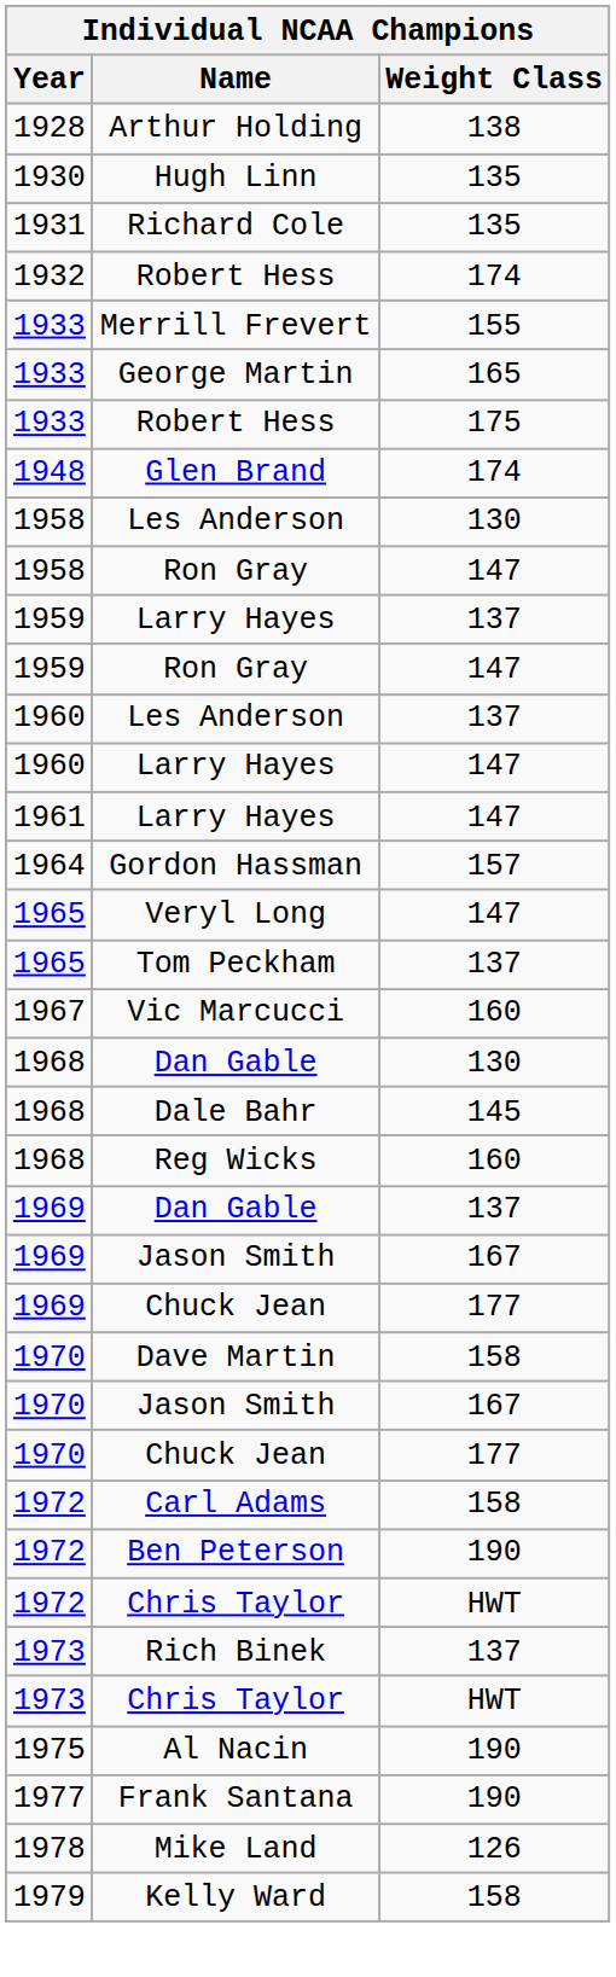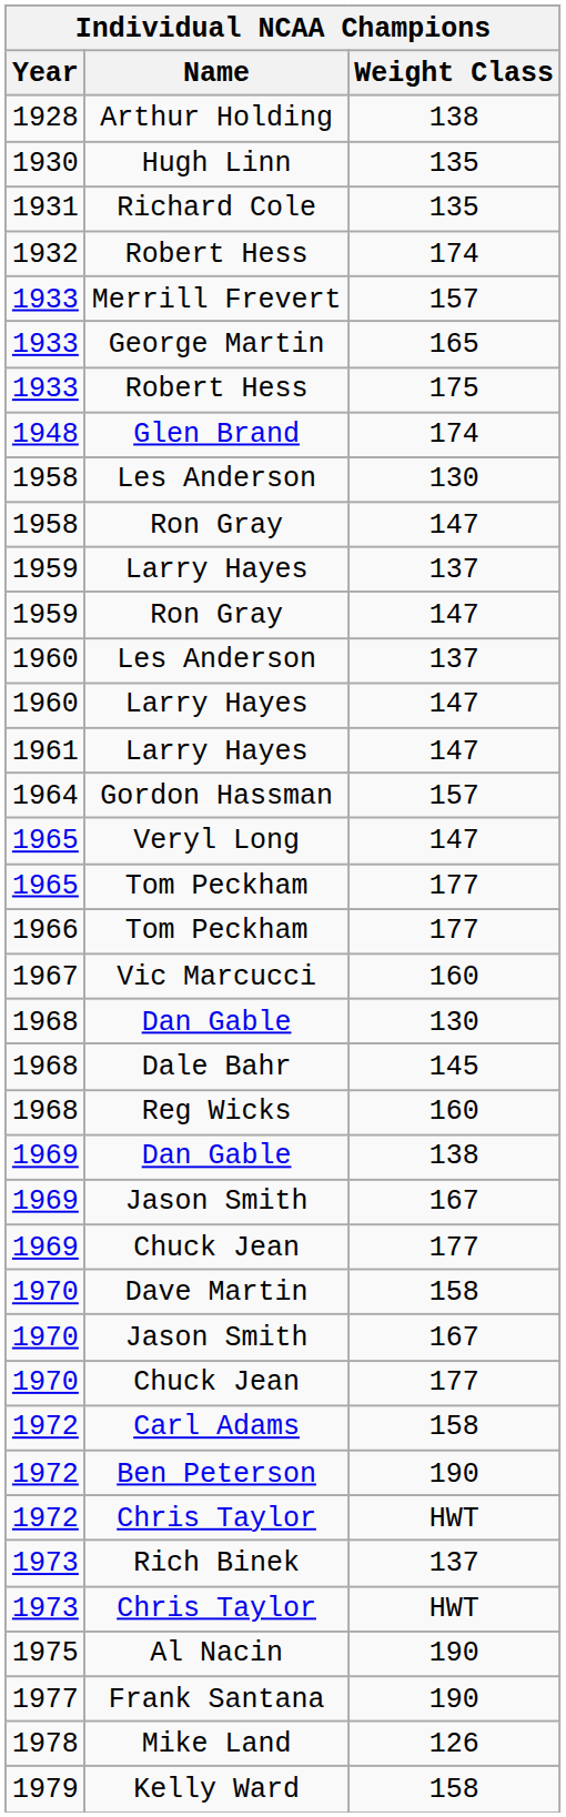 <table class="wikitable">
 <tr>
 <th colspan="3">Individual NCAA Champions</th>
 </tr>
 <tr>
 <th scope="col">Year</th>
 <th scope="col">Name</th>
 <th scope="col">Weight Class</th>
 </tr>
 <tr>
 <td>1928</td>
 <td style="text-align: center;">Arthur Holding</td>
 <td style="text-align: center;">138</td>
 </tr>
 <tr>
 <td>1930</td>
 <td style="text-align: center;">Hugh Linn</td>
 <td style="text-align: center;">135</td>
 </tr>
 <tr>
 <td>1931</td>
 <td style="text-align: center;">Richard Cole</td>
 <td style="text-align: center;">135</td>
 </tr>
 <tr>
 <td>1932</td>
 <td style="text-align: center;">Robert Hess</td>
 <td style="text-align: center;">174</td>
 </tr>
 <tr>
 <td><a href='#'>1933</a></td>
 <td style="text-align: center;">Merrill Frevert</td>
-<td style="text-align: center;">155</td>
+<td style="text-align: center;">157</td>
 </tr>
 <tr>
 <td><a href='#'>1933</a></td>
 <td style="text-align: center;">George Martin</td>
 <td style="text-align: center;">165</td>
 </tr>
 <tr>
 <td><a href='#'>1933</a></td>
 <td style="text-align: center;">Robert Hess</td>
 <td style="text-align: center;">175</td>
 </tr>
 <tr>
 <td><a href='#'>1948</a></td>
 <td style="text-align: center;"><a href='#'>Glen Brand</a></td>
 <td style="text-align: center;">174</td>
 </tr>
 <tr>
 <td>1958</td>
 <td style="text-align: center;">Les Anderson</td>
 <td style="text-align: center;">130</td>
 </tr>
 <tr>
 <td>1958</td>
 <td style="text-align: center;">Ron Gray</td>
 <td style="text-align: center;">147</td>
 </tr>
 <tr>
 <td>1959</td>
 <td style="text-align: center;">Larry Hayes</td>
 <td style="text-align: center;">137</td>
 </tr>
 <tr>
 <td>1959</td>
 <td style="text-align: center;">Ron Gray</td>
 <td style="text-align: center;">147</td>
 </tr>
 <tr>
 <td>1960</td>
 <td style="text-align: center;">Les Anderson</td>
 <td style="text-align: center;">137</td>
 </tr>
 <tr>
 <td>1960</td>
 <td style="text-align: center;">Larry Hayes</td>
 <td style="text-align: center;">147</td>
 </tr>
 <tr>
 <td>1961</td>
 <td style="text-align: center;">Larry Hayes</td>
 <td style="text-align: center;">147</td>
 </tr>
 <tr>
 <td>1964</td>
 <td style="text-align: center;">Gordon Hassman</td>
 <td style="text-align: center;">157</td>
 </tr>
 <tr>
 <td><a href='#'>1965</a></td>
 <td style="text-align: center;">Veryl Long</td>
 <td style="text-align: center;">147</td>
 </tr>
 <tr>
 <td><a href='#'>1965</a></td>
 <td style="text-align: center;">Tom Peckham</td>
-<td style="text-align: center;">137</td>
+<td style="text-align: center;">177</td>
+</tr>
+<tr>
+<td>1966</td>
+<td style="text-align: center;">Tom Peckham</td>
+<td style="text-align: center;">177</td>
 </tr>
 <tr>
 <td>1967</td>
 <td style="text-align: center;">Vic Marcucci</td>
 <td style="text-align: center;">160</td>
 </tr>
 <tr>
 <td>1968</td>
 <td style="text-align: center;"><a href='#'>Dan Gable</a></td>
 <td style="text-align: center;">130</td>
 </tr>
 <tr>
 <td>1968</td>
 <td style="text-align: center;">Dale Bahr</td>
 <td style="text-align: center;">145</td>
 </tr>
 <tr>
 <td>1968</td>
 <td style="text-align: center;">Reg Wicks</td>
 <td style="text-align: center;">160</td>
 </tr>
 <tr>
 <td><a href='#'>1969</a></td>
 <td style="text-align: center;"><a href='#'>Dan Gable</a></td>
-<td style="text-align: center;">137</td>
+<td style="text-align: center;">138</td>
 </tr>
 <tr>
 <td><a href='#'>1969</a></td>
 <td style="text-align: center;">Jason Smith</td>
 <td style="text-align: center;">167</td>
 </tr>
 <tr>
 <td><a href='#'>1969</a></td>
 <td style="text-align: center;">Chuck Jean</td>
 <td style="text-align: center;">177</td>
 </tr>
 <tr>
 <td><a href='#'>1970</a></td>
 <td style="text-align: center;">Dave Martin</td>
 <td style="text-align: center;">158</td>
 </tr>
 <tr>
 <td><a href='#'>1970</a></td>
 <td style="text-align: center;">Jason Smith</td>
 <td style="text-align: center;">167</td>
 </tr>
 <tr>
 <td><a href='#'>1970</a></td>
 <td style="text-align: center;">Chuck Jean</td>
 <td style="text-align: center;">177</td>
 </tr>
 <tr>
 <td><a href='#'>1972</a></td>
 <td style="text-align: center;"><a href='#'>Carl Adams</a></td>
 <td style="text-align: center;">158</td>
 </tr>
 <tr>
 <td><a href='#'>1972</a></td>
 <td style="text-align: center;"><a href='#'>Ben Peterson</a></td>
 <td style="text-align: center;">190</td>
 </tr>
 <tr>
 <td><a href='#'>1972</a></td>
 <td style="text-align: center;"><a href='#'>Chris Taylor</a></td>
 <td style="text-align: center;">HWT</td>
 </tr>
 <tr>
 <td><a href='#'>1973</a></td>
 <td style="text-align: center;">Rich Binek</td>
 <td style="text-align: center;">137</td>
 </tr>
 <tr>
 <td><a href='#'>1973</a></td>
 <td style="text-align: center;"><a href='#'>Chris Taylor</a></td>
 <td style="text-align: center;">HWT</td>
 </tr>
 <tr>
 <td>1975</td>
 <td style="text-align: center;">Al Nacin</td>
 <td style="text-align: center;">190</td>
 </tr>
 <tr>
 <td>1977</td>
 <td style="text-align: center;">Frank Santana</td>
 <td style="text-align: center;">190</td>
 </tr>
 <tr>
 <td>1978</td>
 <td style="text-align: center;">Mike Land</td>
 <td style="text-align: center;">126</td>
 </tr>
 <tr>
 <td>1979</td>
 <td style="text-align: center;">Kelly Ward</td>
 <td style="text-align: center;">158</td>
 </tr>
 </table>
